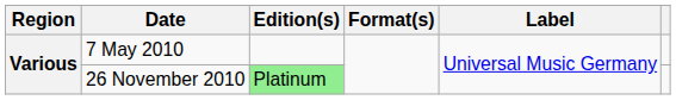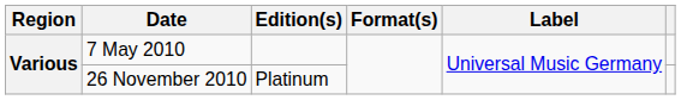 <table class="wikitable plainrowheaders">
 <tr>
 <th scope="col">Region</th>
 <th scope="col">Date</th>
 <th scope="col">Edition(s)</th>
 <th scope="col">Format(s)</th>
 <th scope="col">Label</th>
 <th scope="col"></th>
 </tr>
 <tr>
 <th rowspan="2" scope="row">Various</th>
 <td>7 May 2010</td>
 <td></td>
 <td rowspan="2"></td>
 <td rowspan="2"><a href='#'>Universal Music Germany</a></td>
 <td></td>
 </tr>
 <tr>
 <td>26 November 2010</td>
-<td style="background: lightgreen;">Platinum</td>
+<td>Platinum</td>
 <td></td>
 </tr>
 </table>
